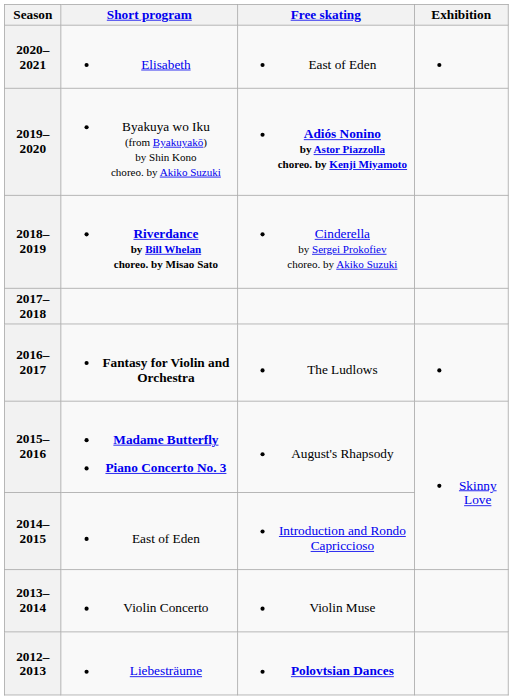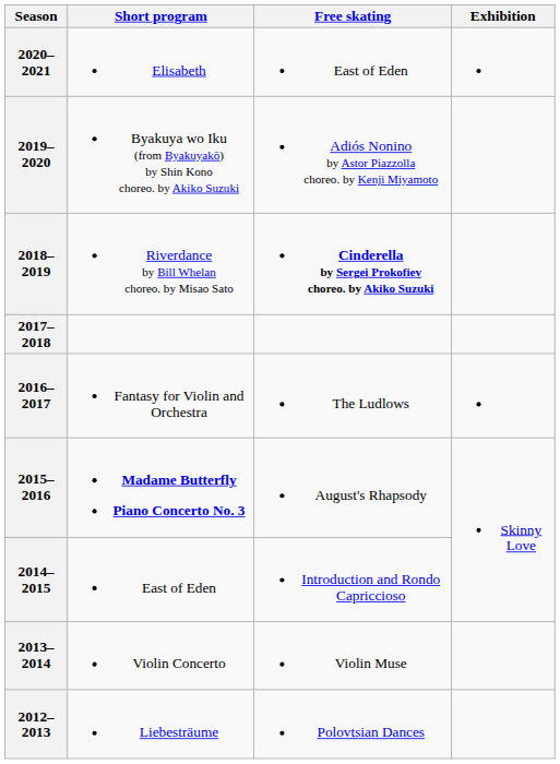 <table class=wikitable style=text-align:center>
 <tr>
 <th>Season</th>
 <th><a href='#'>Short program</a></th>
 <th><a href='#'>Free skating</a></th>
 <th>Exhibition</th>
 </tr>
 <tr>
 <th>2020–2021</th>
 <td><br><ul><li><a href='#'>Elisabeth</a> <br></li></ul></td>
 <td><br><ul><li>East of Eden <br></li></ul></td>
 <td><br><ul><li></li></ul></td>
 </tr>
 <tr>
 <th>2019–2020<br></th>
 <td><br><ul><li>Byakuya wo Iku<br><small>(from <a href='#'>Byakuyakō</a>)</small><br><small>by Shin Kono</small><br><small>choreo. by <a href='#'>Akiko Suzuki</a></small></li></ul></td>
-<td><strong><br><ul><li><a href='#'>Adiós Nonino</a><br><small>by <a href='#'>Astor Piazzolla</a></small><br><small>choreo. by <a href='#'>Kenji Miyamoto</a></small></li></ul></strong></td>
+<td><br><ul><li><a href='#'>Adiós Nonino</a><br><small>by <a href='#'>Astor Piazzolla</a></small><br><small>choreo. by <a href='#'>Kenji Miyamoto</a></small></li></ul></td>
 <td></td>
 </tr>
 <tr>
 <th>2018–2019<br></th>
-<td><strong><br><ul><li><a href='#'>Riverdance</a><br><small>by <a href='#'>Bill Whelan</a></small><br><small>choreo. by Misao Sato</small></li></ul></strong></td>
-<td><br><ul><li><a href='#'>Cinderella</a><br><small>by <a href='#'>Sergei Prokofiev</a></small><br><small>choreo. by <a href='#'>Akiko Suzuki</a></small></li></ul></td>
+<td><br><ul><li><a href='#'>Riverdance</a><br><small>by <a href='#'>Bill Whelan</a></small><br><small>choreo. by Misao Sato</small></li></ul></td>
+<td><strong><br><ul><li><a href='#'>Cinderella</a><br><small>by <a href='#'>Sergei Prokofiev</a></small><br><small>choreo. by <a href='#'>Akiko Suzuki</a></small></li></ul></strong></td>
 <td></td>
 </tr>
 <tr>
 <th>2017–2018</th>
 <td></td>
 <td></td>
 <td></td>
 </tr>
 <tr>
 <th>2016–2017 <br></th>
-<td><strong><br><ul><li>Fantasy for Violin and Orchestra <br></li></ul></strong></td>
+<td><br><ul><li>Fantasy for Violin and Orchestra <br></li></ul></td>
 <td><br><ul><li>The Ludlows <br></li></ul></td>
 <td><br><ul><li></li></ul></td>
 </tr>
 <tr>
 <th>2015–2016 <br> </th>
 <td><strong><br><ul><li><a href='#'>Madame Butterfly</a> <br></li></ul><ul><li><a href='#'>Piano Concerto No. 3</a> <br></li></ul></strong></td>
 <td><br><ul><li>August's Rhapsody <br></li></ul></td>
 <td rowspan=2><br><ul><li><a href='#'>Skinny Love</a> <br></li></ul></td>
 </tr>
 <tr>
 <th>2014–2015 <br> </th>
 <td><br><ul><li>East of Eden <br></li></ul></td>
 <td><br><ul><li><a href='#'>Introduction and Rondo Capriccioso</a> <br></li></ul></td>
 </tr>
 <tr>
 <th>2013–2014 <br> </th>
 <td><br><ul><li>Violin Concerto <br></li></ul></td>
 <td><br><ul><li>Violin Muse <br></li></ul></td>
 <td></td>
 </tr>
 <tr>
 <th>2012–2013 <br> </th>
 <td><br><ul><li><a href='#'>Liebesträume</a> <br></li></ul></td>
-<td><strong><br><ul><li><a href='#'>Polovtsian Dances</a> <br></li></ul></strong></td>
+<td><br><ul><li><a href='#'>Polovtsian Dances</a> <br></li></ul></td>
 <td></td>
 </tr>
 </table>
